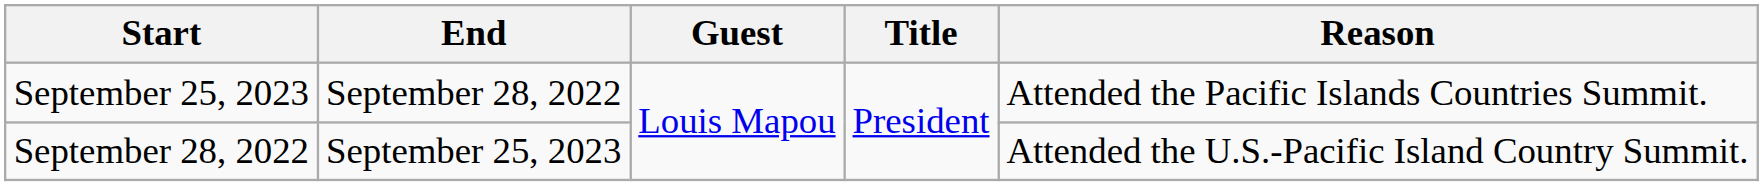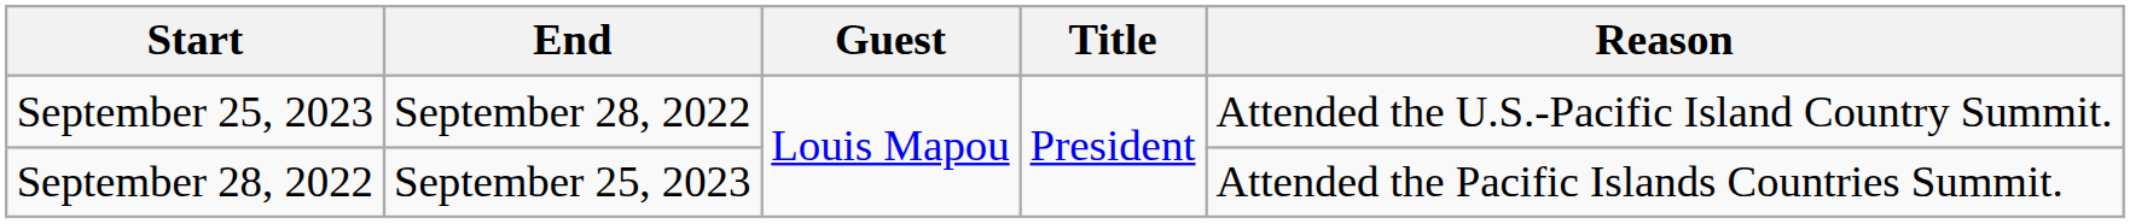 <table class="wikitable sortable">
 <tr>
 <th>Start</th>
 <th>End</th>
 <th>Guest</th>
 <th>Title</th>
 <th>Reason</th>
 </tr>
 <tr>
 <td>September 25, 2023</td>
 <td>September 28, 2022</td>
 <td rowspan=2><a href='#'>Louis Mapou</a></td>
 <td rowspan=2><a href='#'>President</a></td>
-<td>Attended the Pacific Islands Countries Summit.</td>
+<td>Attended the U.S.-Pacific Island Country Summit.</td>
 </tr>
 <tr>
 <td>September 28, 2022</td>
 <td>September 25, 2023</td>
-<td>Attended the U.S.-Pacific Island Country Summit.</td>
+<td>Attended the Pacific Islands Countries Summit.</td>
 </tr>
 </table>
